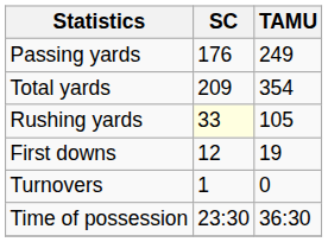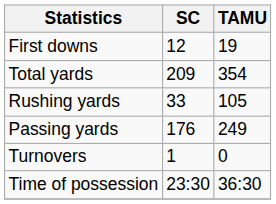 <table class="wikitable" style="float: left;">
 <tr>
 <th>Statistics</th>
 <th>SC</th>
 <th>TAMU</th>
 </tr>
 <tr>
-<td>Passing yards</td>
-<td>176</td>
-<td>249</td>
+<td>First downs</td>
+<td>12</td>
+<td>19</td>
 </tr>
 <tr>
 <td>Total yards</td>
 <td>209</td>
 <td>354</td>
 </tr>
 <tr>
 <td>Rushing yards</td>
-<td style="background: lightyellow;">33</td>
+<td>33</td>
 <td>105</td>
 </tr>
 <tr>
-<td>First downs</td>
-<td>12</td>
-<td>19</td>
+<td>Passing yards</td>
+<td>176</td>
+<td>249</td>
 </tr>
 <tr>
 <td>Turnovers</td>
 <td>1</td>
 <td>0</td>
 </tr>
 <tr>
 <td>Time of possession</td>
 <td>23:30</td>
 <td>36:30</td>
 </tr>
 <tr>
 </tr>
 </table>
